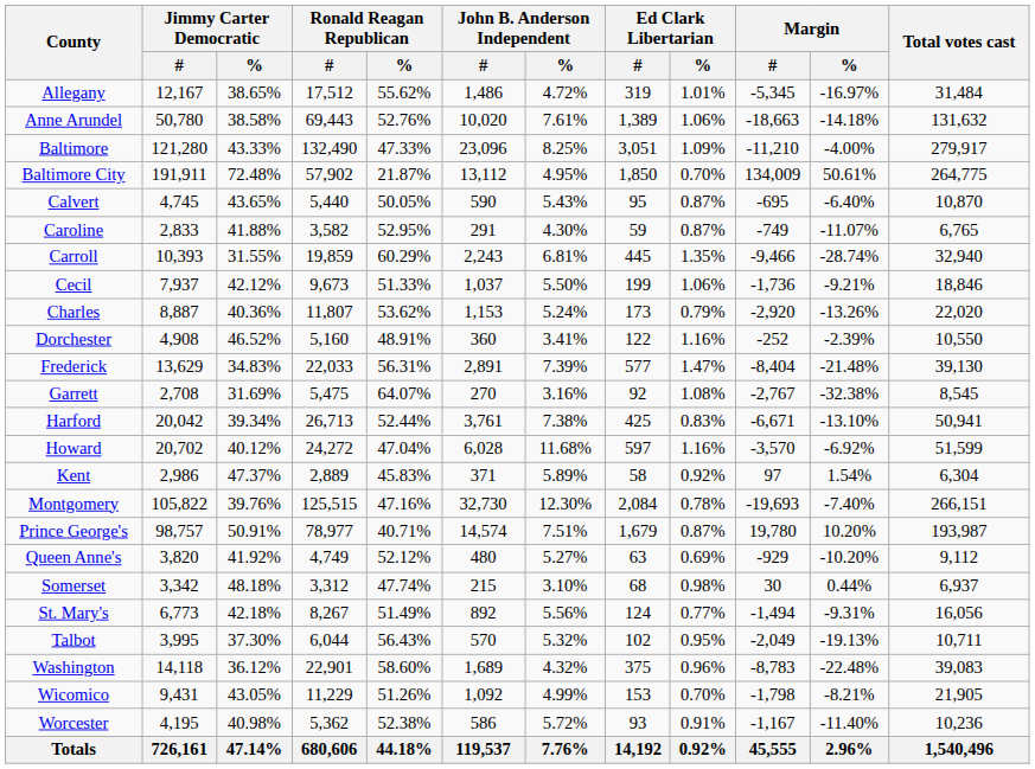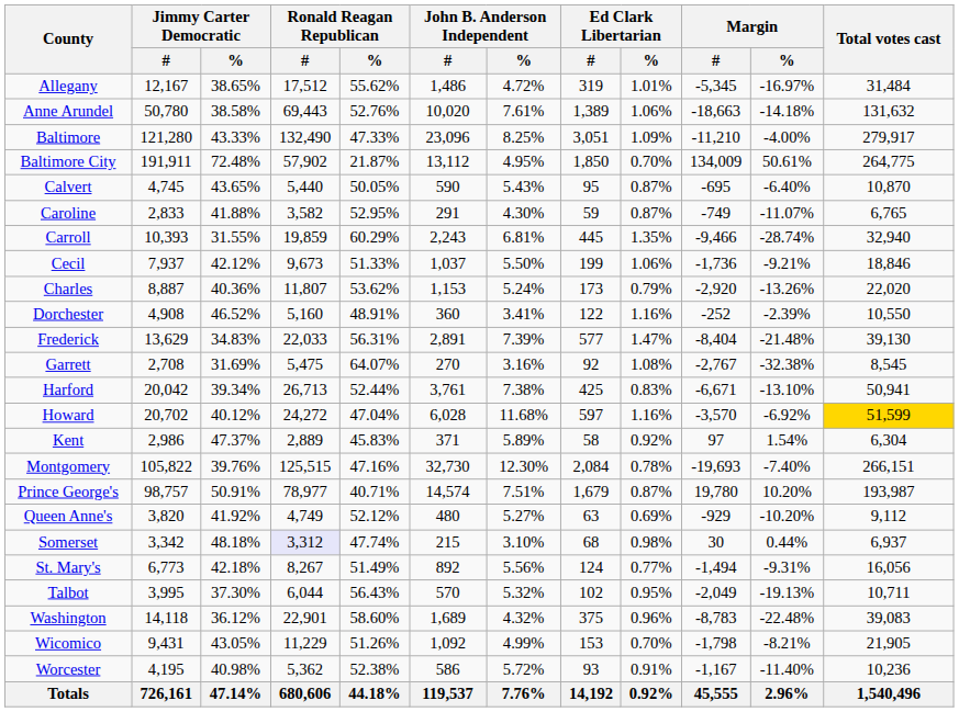 <table width="60%"  class="wikitable sortable" style="text-align:center">
 <tr>
 <th style="text-align:center;" rowspan="2">County</th>
 <th style="text-align:center;" colspan="2">Jimmy Carter<br>Democratic</th>
 <th style="text-align:center;" colspan="2">Ronald Reagan<br>Republican</th>
 <th style="text-align:center;" colspan="2">John B. Anderson<br>Independent</th>
 <th style="text-align:center;" colspan="2">Ed Clark<br>Libertarian</th>
 <th style="text-align:center;" colspan="2">Margin</th>
 <th style="text-align:center;" rowspan="2">Total votes cast</th>
 </tr>
 <tr>
 <th style="text-align:center;" data-sort-type="number">#</th>
 <th style="text-align:center;" data-sort-type="number">%</th>
 <th style="text-align:center;" data-sort-type="number">#</th>
 <th style="text-align:center;" data-sort-type="number">%</th>
 <th style="text-align:center;" data-sort-type="number">#</th>
 <th style="text-align:center;" data-sort-type="number">%</th>
 <th style="text-align:center;" data-sort-type="number">#</th>
 <th style="text-align:center;" data-sort-type="number">%</th>
 <th style="text-align:center;" data-sort-type="number">#</th>
 <th style="text-align:center;" data-sort-type="number">%</th>
 </tr>
 <tr style="text-align:center;">
 <td><a href='#'>Allegany</a></td>
 <td>12,167</td>
 <td>38.65%</td>
 <td>17,512</td>
 <td>55.62%</td>
 <td>1,486</td>
 <td>4.72%</td>
 <td>319</td>
 <td>1.01%</td>
 <td>-5,345</td>
 <td>-16.97%</td>
 <td>31,484</td>
 </tr>
 <tr style="text-align:center;">
 <td><a href='#'>Anne Arundel</a></td>
 <td>50,780</td>
 <td>38.58%</td>
 <td>69,443</td>
 <td>52.76%</td>
 <td>10,020</td>
 <td>7.61%</td>
 <td>1,389</td>
 <td>1.06%</td>
 <td>-18,663</td>
 <td>-14.18%</td>
 <td>131,632</td>
 </tr>
 <tr style="text-align:center;">
 <td><a href='#'>Baltimore</a></td>
 <td>121,280</td>
 <td>43.33%</td>
 <td>132,490</td>
 <td>47.33%</td>
 <td>23,096</td>
 <td>8.25%</td>
 <td>3,051</td>
 <td>1.09%</td>
 <td>-11,210</td>
 <td>-4.00%</td>
 <td>279,917</td>
 </tr>
 <tr style="text-align:center;">
 <td><a href='#'>Baltimore City</a></td>
 <td>191,911</td>
 <td>72.48%</td>
 <td>57,902</td>
 <td>21.87%</td>
 <td>13,112</td>
 <td>4.95%</td>
 <td>1,850</td>
 <td>0.70%</td>
 <td>134,009</td>
 <td>50.61%</td>
 <td>264,775</td>
 </tr>
 <tr style="text-align:center;">
 <td><a href='#'>Calvert</a></td>
 <td>4,745</td>
 <td>43.65%</td>
 <td>5,440</td>
 <td>50.05%</td>
 <td>590</td>
 <td>5.43%</td>
 <td>95</td>
 <td>0.87%</td>
 <td>-695</td>
 <td>-6.40%</td>
 <td>10,870</td>
 </tr>
 <tr style="text-align:center;">
 <td><a href='#'>Caroline</a></td>
 <td>2,833</td>
 <td>41.88%</td>
 <td>3,582</td>
 <td>52.95%</td>
 <td>291</td>
 <td>4.30%</td>
 <td>59</td>
 <td>0.87%</td>
 <td>-749</td>
 <td>-11.07%</td>
 <td>6,765</td>
 </tr>
 <tr style="text-align:center;">
 <td><a href='#'>Carroll</a></td>
 <td>10,393</td>
 <td>31.55%</td>
 <td>19,859</td>
 <td>60.29%</td>
 <td>2,243</td>
 <td>6.81%</td>
 <td>445</td>
 <td>1.35%</td>
 <td>-9,466</td>
 <td>-28.74%</td>
 <td>32,940</td>
 </tr>
 <tr style="text-align:center;">
 <td><a href='#'>Cecil</a></td>
 <td>7,937</td>
 <td>42.12%</td>
 <td>9,673</td>
 <td>51.33%</td>
 <td>1,037</td>
 <td>5.50%</td>
 <td>199</td>
 <td>1.06%</td>
 <td>-1,736</td>
 <td>-9.21%</td>
 <td>18,846</td>
 </tr>
 <tr style="text-align:center;">
 <td><a href='#'>Charles</a></td>
 <td>8,887</td>
 <td>40.36%</td>
 <td>11,807</td>
 <td>53.62%</td>
 <td>1,153</td>
 <td>5.24%</td>
 <td>173</td>
 <td>0.79%</td>
 <td>-2,920</td>
 <td>-13.26%</td>
 <td>22,020</td>
 </tr>
 <tr style="text-align:center;">
 <td><a href='#'>Dorchester</a></td>
 <td>4,908</td>
 <td>46.52%</td>
 <td>5,160</td>
 <td>48.91%</td>
 <td>360</td>
 <td>3.41%</td>
 <td>122</td>
 <td>1.16%</td>
 <td>-252</td>
 <td>-2.39%</td>
 <td>10,550</td>
 </tr>
 <tr style="text-align:center;">
 <td><a href='#'>Frederick</a></td>
 <td>13,629</td>
 <td>34.83%</td>
 <td>22,033</td>
 <td>56.31%</td>
 <td>2,891</td>
 <td>7.39%</td>
 <td>577</td>
 <td>1.47%</td>
 <td>-8,404</td>
 <td>-21.48%</td>
 <td>39,130</td>
 </tr>
 <tr style="text-align:center;">
 <td><a href='#'>Garrett</a></td>
 <td>2,708</td>
 <td>31.69%</td>
 <td>5,475</td>
 <td>64.07%</td>
 <td>270</td>
 <td>3.16%</td>
 <td>92</td>
 <td>1.08%</td>
 <td>-2,767</td>
 <td>-32.38%</td>
 <td>8,545</td>
 </tr>
 <tr style="text-align:center;">
 <td><a href='#'>Harford</a></td>
 <td>20,042</td>
 <td>39.34%</td>
 <td>26,713</td>
 <td>52.44%</td>
 <td>3,761</td>
 <td>7.38%</td>
 <td>425</td>
 <td>0.83%</td>
 <td>-6,671</td>
 <td>-13.10%</td>
 <td>50,941</td>
 </tr>
 <tr style="text-align:center;">
 <td><a href='#'>Howard</a></td>
 <td>20,702</td>
 <td>40.12%</td>
 <td>24,272</td>
 <td>47.04%</td>
 <td>6,028</td>
 <td>11.68%</td>
 <td>597</td>
 <td>1.16%</td>
 <td>-3,570</td>
 <td>-6.92%</td>
-<td>51,599</td>
+<td style="background: gold;">51,599</td>
 </tr>
 <tr style="text-align:center;">
 <td><a href='#'>Kent</a></td>
 <td>2,986</td>
 <td>47.37%</td>
 <td>2,889</td>
 <td>45.83%</td>
 <td>371</td>
 <td>5.89%</td>
 <td>58</td>
 <td>0.92%</td>
 <td>97</td>
 <td>1.54%</td>
 <td>6,304</td>
 </tr>
 <tr style="text-align:center;">
 <td><a href='#'>Montgomery</a></td>
 <td>105,822</td>
 <td>39.76%</td>
 <td>125,515</td>
 <td>47.16%</td>
 <td>32,730</td>
 <td>12.30%</td>
 <td>2,084</td>
 <td>0.78%</td>
 <td>-19,693</td>
 <td>-7.40%</td>
 <td>266,151</td>
 </tr>
 <tr style="text-align:center;">
 <td><a href='#'>Prince George's</a></td>
 <td>98,757</td>
 <td>50.91%</td>
 <td>78,977</td>
 <td>40.71%</td>
 <td>14,574</td>
 <td>7.51%</td>
 <td>1,679</td>
 <td>0.87%</td>
 <td>19,780</td>
 <td>10.20%</td>
 <td>193,987</td>
 </tr>
 <tr style="text-align:center;">
 <td><a href='#'>Queen Anne's</a></td>
 <td>3,820</td>
 <td>41.92%</td>
 <td>4,749</td>
 <td>52.12%</td>
 <td>480</td>
 <td>5.27%</td>
 <td>63</td>
 <td>0.69%</td>
 <td>-929</td>
 <td>-10.20%</td>
 <td>9,112</td>
 </tr>
 <tr style="text-align:center;">
 <td><a href='#'>Somerset</a></td>
 <td>3,342</td>
 <td>48.18%</td>
-<td>3,312</td>
+<td style="background: lavender;">3,312</td>
 <td>47.74%</td>
 <td>215</td>
 <td>3.10%</td>
 <td>68</td>
 <td>0.98%</td>
 <td>30</td>
 <td>0.44%</td>
 <td>6,937</td>
 </tr>
 <tr style="text-align:center;">
 <td><a href='#'>St. Mary's</a></td>
 <td>6,773</td>
 <td>42.18%</td>
 <td>8,267</td>
 <td>51.49%</td>
 <td>892</td>
 <td>5.56%</td>
 <td>124</td>
 <td>0.77%</td>
 <td>-1,494</td>
 <td>-9.31%</td>
 <td>16,056</td>
 </tr>
 <tr style="text-align:center;">
 <td><a href='#'>Talbot</a></td>
 <td>3,995</td>
 <td>37.30%</td>
 <td>6,044</td>
 <td>56.43%</td>
 <td>570</td>
 <td>5.32%</td>
 <td>102</td>
 <td>0.95%</td>
 <td>-2,049</td>
 <td>-19.13%</td>
 <td>10,711</td>
 </tr>
 <tr style="text-align:center;">
 <td><a href='#'>Washington</a></td>
 <td>14,118</td>
 <td>36.12%</td>
 <td>22,901</td>
 <td>58.60%</td>
 <td>1,689</td>
 <td>4.32%</td>
 <td>375</td>
 <td>0.96%</td>
 <td>-8,783</td>
 <td>-22.48%</td>
 <td>39,083</td>
 </tr>
 <tr style="text-align:center;">
 <td><a href='#'>Wicomico</a></td>
 <td>9,431</td>
 <td>43.05%</td>
 <td>11,229</td>
 <td>51.26%</td>
 <td>1,092</td>
 <td>4.99%</td>
 <td>153</td>
 <td>0.70%</td>
 <td>-1,798</td>
 <td>-8.21%</td>
 <td>21,905</td>
 </tr>
 <tr style="text-align:center;">
 <td><a href='#'>Worcester</a></td>
 <td>4,195</td>
 <td>40.98%</td>
 <td>5,362</td>
 <td>52.38%</td>
 <td>586</td>
 <td>5.72%</td>
 <td>93</td>
 <td>0.91%</td>
 <td>-1,167</td>
 <td>-11.40%</td>
 <td>10,236</td>
 </tr>
 <tr style="text-align:center;">
 <th>Totals</th>
 <th>726,161</th>
 <th>47.14%</th>
 <th>680,606</th>
 <th>44.18%</th>
 <th>119,537</th>
 <th>7.76%</th>
 <th>14,192</th>
 <th>0.92%</th>
 <th>45,555</th>
 <th>2.96%</th>
 <th>1,540,496</th>
 </tr>
 </table>
